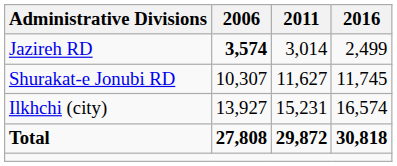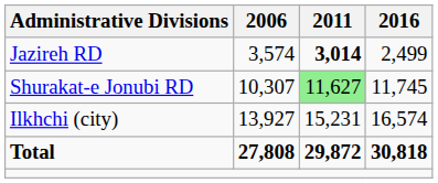 <table class="wikitable">
 <tr>
 <th>Administrative Divisions</th>
 <th>2006</th>
 <th>2011</th>
 <th>2016</th>
 </tr>
 <tr>
 <td><a href='#'>Jazireh RD</a></td>
-<td style="text-align: right;"><strong>3,574</strong></td>
-<td style="text-align: right;">3,014</td>
+<td style="text-align: right;">3,574</td>
+<td style="text-align: right;"><strong>3,014</strong></td>
 <td style="text-align: right;">2,499</td>
 </tr>
 <tr>
 <td><a href='#'>Shurakat-e Jonubi RD</a></td>
 <td style="text-align: right;">10,307</td>
-<td style="text-align: right;">11,627</td>
+<td style="background: lightgreen; text-align: right;">11,627</td>
 <td style="text-align: right;">11,745</td>
 </tr>
 <tr>
 <td><a href='#'>Ilkhchi</a> (city)</td>
 <td style="text-align: right;">13,927</td>
 <td style="text-align: right;">15,231</td>
 <td style="text-align: right;">16,574</td>
 </tr>
 <tr>
 <td><strong>Total</strong></td>
 <td style="text-align: right;"><strong>27,808</strong></td>
 <td style="text-align: right;"><strong>29,872</strong></td>
 <td style="text-align: right;"><strong>30,818</strong></td>
 </tr>
 <tr>
 <td colspan=4></td>
 </tr>
 </table>
